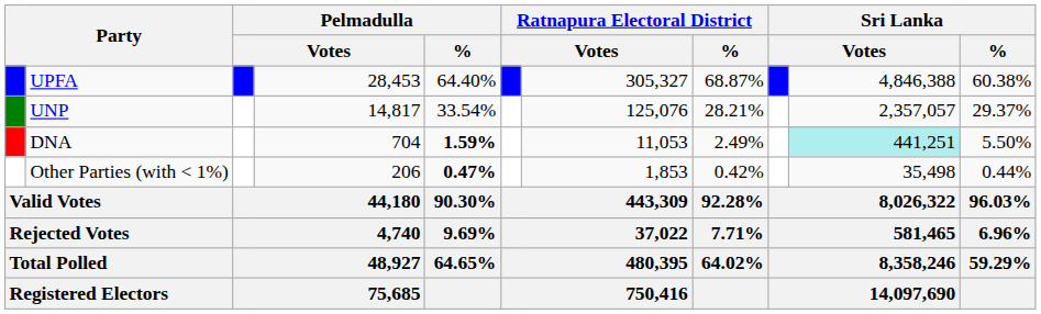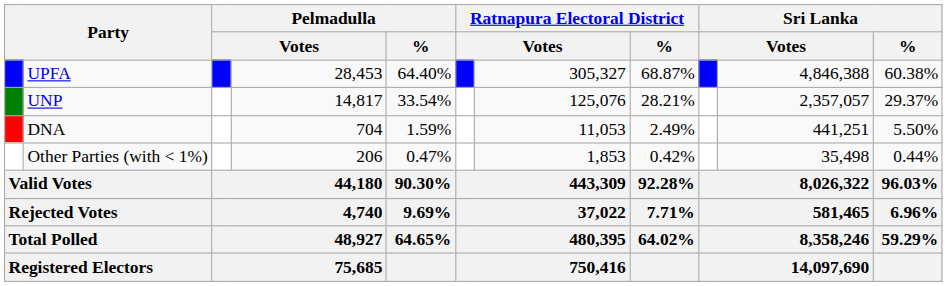 <table class="wikitable">
 <tr>
 <th colspan="2" width="144px"rowspan="2">Party</th>
 <th colspan="3" width="216px">Pelmadulla</th>
 <th colspan="3" width="216px"><a href='#'>Ratnapura Electoral District</a></th>
 <th colspan="3" width="216px">Sri Lanka</th>
 </tr>
 <tr>
 <th colspan="2" width="144px">Votes</th>
 <th>%</th>
 <th colspan="2" width="144px">Votes</th>
 <th>%</th>
 <th colspan="2" width="144px">Votes</th>
 <th>%</th>
 </tr>
 <tr>
 <td style="background-color:blue;" width="10px"></td>
 <td style="text-align:left;"><a href='#'>UPFA</a></td>
 <td style="background-color:blue;" width="10px"></td>
 <td style="text-align:right;">28,453</td>
 <td style="text-align:right;">64.40%</td>
 <td style="background-color:blue;" width="10px"></td>
 <td style="text-align:right;">305,327</td>
 <td style="text-align:right;">68.87%</td>
 <td style="background-color:blue;" width="10px"></td>
 <td style="text-align:right;">4,846,388</td>
 <td style="text-align:right;">60.38%</td>
 </tr>
 <tr>
 <td style="background-color:green;" width="10px"></td>
 <td style="text-align:left;"><a href='#'>UNP</a></td>
 <td style="background-color:white;" width="10px"></td>
 <td style="text-align:right;">14,817</td>
 <td style="text-align:right;">33.54%</td>
 <td style="background-color:white;" width="10px"></td>
 <td style="text-align:right;">125,076</td>
 <td style="text-align:right;">28.21%</td>
 <td style="background-color:white;" width="10px"></td>
 <td style="text-align:right;">2,357,057</td>
 <td style="text-align:right;">29.37%</td>
 </tr>
 <tr>
 <td style="background-color:red;" width="10px"></td>
 <td style="text-align:left;">DNA</td>
 <td style="background-color:white;" width="10px"></td>
 <td style="text-align:right;">704</td>
-<td style="text-align:right;"><strong>1.59%</strong></td>
+<td style="text-align:right;">1.59%</td>
 <td style="background-color:white;" width="10px"></td>
 <td style="text-align:right;">11,053</td>
 <td style="text-align:right;">2.49%</td>
 <td style="background-color:white;" width="10px"></td>
-<td style="background: paleturquoise; text-align:right;">441,251</td>
+<td style="text-align:right;">441,251</td>
 <td style="text-align:right;">5.50%</td>
 </tr>
 <tr>
 <td style="background-color:white;" width="10px"></td>
 <td style="text-align:left;">Other Parties (with < 1%)</td>
 <td style="background-color:white;" width="10px"></td>
 <td style="text-align:right;">206</td>
-<td style="text-align:right;"><strong>0.47%</strong></td>
+<td style="text-align:right;">0.47%</td>
 <td style="background-color:white;" width="10px"></td>
 <td style="text-align:right;">1,853</td>
 <td style="text-align:right;">0.42%</td>
 <td style="background-color:white;" width="10px"></td>
 <td style="text-align:right;">35,498</td>
 <td style="text-align:right;">0.44%</td>
 </tr>
 <tr>
 <th colspan="2" width="144px"style="text-align:left;">Valid Votes</th>
 <th style="text-align:right;"colspan="2" width="144px">44,180</th>
 <th style="text-align:right;">90.30%</th>
 <th style="text-align:right;"colspan="2" width="144px">443,309</th>
 <th style="text-align:right;">92.28%</th>
 <th style="text-align:right;"colspan="2" width="144px">8,026,322</th>
 <th style="text-align:right;">96.03%</th>
 </tr>
 <tr>
 <th colspan="2" width="144px"style="text-align:left;">Rejected Votes</th>
 <th style="text-align:right;"colspan="2" width="144px">4,740</th>
 <th style="text-align:right;">9.69%</th>
 <th style="text-align:right;"colspan="2" width="144px">37,022</th>
 <th style="text-align:right;">7.71%</th>
 <th style="text-align:right;"colspan="2" width="144px">581,465</th>
 <th style="text-align:right;">6.96%</th>
 </tr>
 <tr>
 <th colspan="2" width="144px"style="text-align:left;">Total Polled</th>
 <th style="text-align:right;"colspan="2" width="144px">48,927</th>
 <th style="text-align:right;">64.65%</th>
 <th style="text-align:right;"colspan="2" width="144px">480,395</th>
 <th style="text-align:right;">64.02%</th>
 <th style="text-align:right;"colspan="2" width="144px">8,358,246</th>
 <th style="text-align:right;">59.29%</th>
 </tr>
 <tr>
 <th colspan="2" width="144px"style="text-align:left;">Registered Electors</th>
 <th style="text-align:right;"colspan="2" width="144px">75,685</th>
 <th></th>
 <th style="text-align:right;"colspan="2" width="144px">750,416</th>
 <th></th>
 <th style="text-align:right;"colspan="2" width="144px">14,097,690</th>
 <th></th>
 </tr>
 </table>
